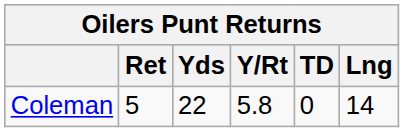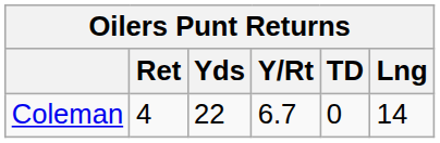 <table class="wikitable">
 <tr>
 <th colspan="6">Oilers Punt Returns</th>
 </tr>
 <tr>
 <th></th>
 <th>Ret</th>
 <th>Yds</th>
 <th>Y/Rt</th>
 <th>TD</th>
 <th>Lng</th>
 </tr>
 <tr>
 <td><a href='#'>Coleman</a></td>
-<td>5</td>
+<td>4</td>
 <td>22</td>
-<td>5.8</td>
+<td>6.7</td>
 <td>0</td>
 <td>14</td>
 </tr>
 </table>
